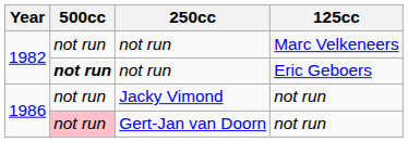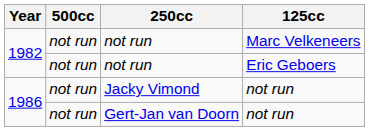 <table class="wikitable">
 <tr>
 <th>Year</th>
 <th>500cc</th>
 <th>250cc</th>
 <th>125cc</th>
 </tr>
 <tr>
 <td rowspan=2><a href='#'>1982</a></td>
 <td><em>not run</em></td>
 <td><em>not run</em></td>
 <td> <a href='#'>Marc Velkeneers</a></td>
 </tr>
 <tr>
-<td><strong><em>not run</em></strong></td>
+<td><em>not run</em></td>
 <td><em>not run</em></td>
 <td> <a href='#'>Eric Geboers</a></td>
 </tr>
 <tr>
 <td rowspan=2><a href='#'>1986</a></td>
 <td><em>not run</em></td>
 <td> <a href='#'>Jacky Vimond</a></td>
 <td><em>not run</em></td>
 </tr>
 <tr>
-<td style="background: pink;"><em>not run</em></td>
+<td><em>not run</em></td>
 <td> <a href='#'>Gert-Jan van Doorn</a></td>
 <td><em>not run</em></td>
 </tr>
 </table>
